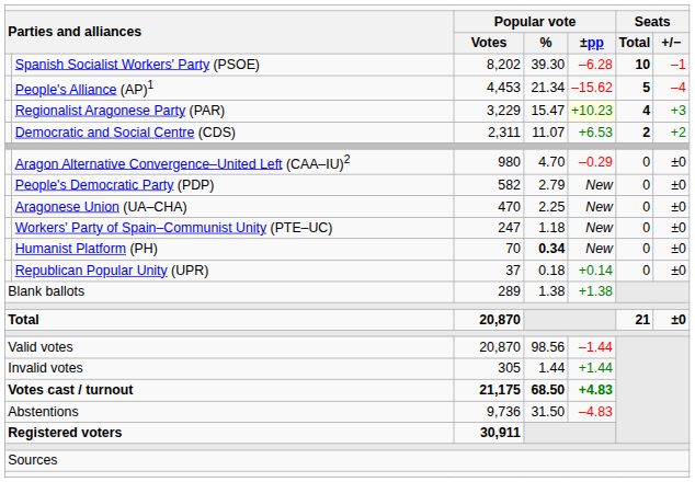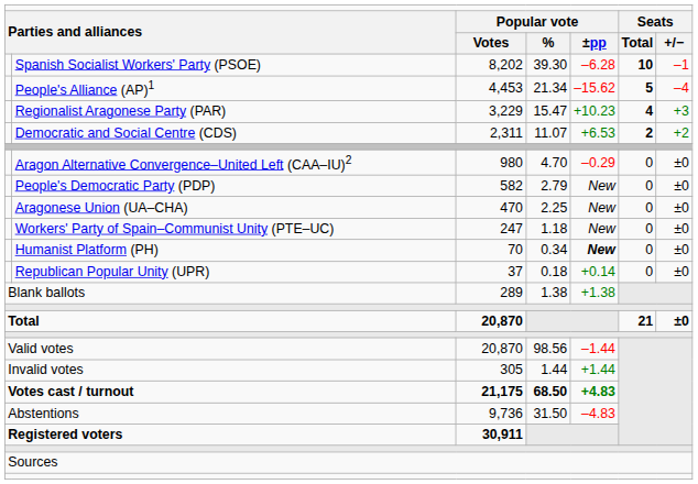 <table class="wikitable" style="text-align:right;">
 <tr>
 <td colspan="7"></td>
 </tr>
 <tr>
 <th style="text-align:left;" rowspan="2" colspan="2" width="525">Parties and alliances</th>
 <th colspan="3">Popular vote</th>
 <th colspan="2">Seats</th>
 </tr>
 <tr>
 <th width="75">Votes</th>
 <th width="45">%</th>
 <th width="45">±<a href='#'>pp</a></th>
 <th width="35">Total</th>
 <th width="35">+/−</th>
 </tr>
 <tr>
 <td width="1" style="color:inherit;background:"></td>
 <td align="left"><a href='#'>Spanish Socialist Workers' Party</a> (PSOE)</td>
 <td>8,202</td>
 <td>39.30</td>
 <td style="color:red;">–6.28</td>
 <td><strong>10</strong></td>
 <td style="color:red;">–1</td>
 </tr>
 <tr>
 <td style="color:inherit;background:"></td>
 <td align="left"><a href='#'>People's Alliance</a> (AP)<sup>1</sup></td>
 <td>4,453</td>
 <td>21.34</td>
 <td style="color:red;">–15.62</td>
 <td><strong>5</strong></td>
 <td style="color:red;">–4</td>
 </tr>
 <tr>
 <td style="color:inherit;background:"></td>
 <td align="left"><a href='#'>Regionalist Aragonese Party</a> (PAR)</td>
 <td>3,229</td>
 <td>15.47</td>
-<td style="background: lightyellow; color:green;">+10.23</td>
+<td style="color:green;">+10.23</td>
 <td><strong>4</strong></td>
 <td style="color:green;">+3</td>
 </tr>
 <tr>
 <td style="color:inherit;background:"></td>
 <td align="left"><a href='#'>Democratic and Social Centre</a> (CDS)</td>
 <td>2,311</td>
 <td>11.07</td>
 <td style="color:green;">+6.53</td>
 <td><strong>2</strong></td>
 <td style="color:green;">+2</td>
 </tr>
 <tr>
 <td colspan="7" bgcolor="#C0C0C0"></td>
 </tr>
 <tr>
 <td style="color:inherit;background:"></td>
 <td align="left"><a href='#'>Aragon Alternative Convergence–United Left</a> (CAA–IU)<sup>2</sup></td>
 <td>980</td>
 <td>4.70</td>
 <td style="color:red;">–0.29</td>
 <td>0</td>
 <td>±0</td>
 </tr>
 <tr>
 <td style="color:inherit;background:"></td>
 <td align="left"><a href='#'>People's Democratic Party</a> (PDP)</td>
 <td>582</td>
 <td>2.79</td>
 <td><em>New</em></td>
 <td>0</td>
 <td>±0</td>
 </tr>
 <tr>
 <td style="color:inherit;background:"></td>
 <td align="left"><a href='#'>Aragonese Union</a> (UA–CHA)</td>
 <td>470</td>
 <td>2.25</td>
 <td><em>New</em></td>
 <td>0</td>
 <td>±0</td>
 </tr>
 <tr>
 <td style="color:inherit;background:"></td>
 <td align="left"><a href='#'>Workers' Party of Spain–Communist Unity</a> (PTE–UC)</td>
 <td>247</td>
 <td>1.18</td>
 <td><em>New</em></td>
 <td>0</td>
 <td>±0</td>
 </tr>
 <tr>
 <td style="color:inherit;background:"></td>
 <td align="left"><a href='#'>Humanist Platform</a> (PH)</td>
 <td>70</td>
-<td><strong>0.34</strong></td>
-<td><em>New</em></td>
+<td>0.34</td>
+<td><strong><em>New</em></strong></td>
 <td>0</td>
 <td>±0</td>
 </tr>
 <tr>
 <td style="color:inherit;background:"></td>
 <td align="left"><a href='#'>Republican Popular Unity</a> (UPR)</td>
 <td>37</td>
 <td>0.18</td>
 <td style="color:green;">+0.14</td>
 <td>0</td>
 <td>±0</td>
 </tr>
 <tr>
 <td align="left" colspan="2">Blank ballots</td>
 <td>289</td>
 <td>1.38</td>
 <td style="color:green;">+1.38</td>
 <td bgcolor="#E9E9E9" colspan="2"></td>
 </tr>
 <tr>
 <td colspan="7" bgcolor="#E9E9E9"></td>
 </tr>
 <tr style="font-weight:bold;">
 <td align="left" colspan="2">Total</td>
 <td>20,870</td>
 <td bgcolor="#E9E9E9" colspan="2"></td>
 <td>21</td>
 <td>±0</td>
 </tr>
 <tr>
 <td colspan="7" bgcolor="#E9E9E9"></td>
 </tr>
 <tr>
 <td align="left" colspan="2">Valid votes</td>
 <td>20,870</td>
 <td>98.56</td>
 <td style="color:red;">–1.44</td>
 <td bgcolor="#E9E9E9" colspan="2" rowspan="5"></td>
 </tr>
 <tr>
 <td align="left" colspan="2">Invalid votes</td>
 <td>305</td>
 <td>1.44</td>
 <td style="color:green;">+1.44</td>
 </tr>
 <tr style="font-weight:bold;">
 <td align="left" colspan="2">Votes cast / turnout</td>
 <td>21,175</td>
 <td>68.50</td>
 <td style="color:green;">+4.83</td>
 </tr>
 <tr>
 <td align="left" colspan="2">Abstentions</td>
 <td>9,736</td>
 <td>31.50</td>
 <td style="color:red;">–4.83</td>
 </tr>
 <tr style="font-weight:bold;">
 <td align="left" colspan="2">Registered voters</td>
 <td>30,911</td>
 <td bgcolor="#E9E9E9" colspan="2"></td>
 </tr>
 <tr>
 <td colspan="7" bgcolor="#E9E9E9"></td>
 </tr>
 <tr>
 <td align="left" colspan="7">Sources</td>
 </tr>
 <tr>
 <td colspan="7" style="text-align:left; max-width:790px;"></td>
 </tr>
 </table>
